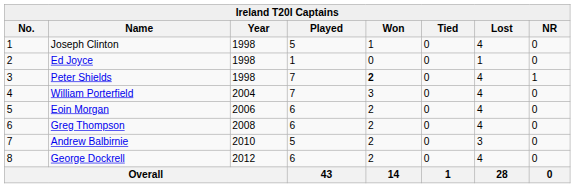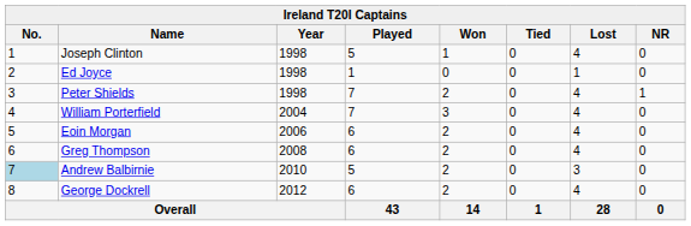 <table class="wikitable" style="width:70%;">
 <tr>
 <th style="background:#efefef;" colspan="9">Ireland T20I Captains</th>
 </tr>
 <tr style="background:#efefef;">
 <th>No.</th>
 <th>Name</th>
 <th>Year</th>
 <th>Played</th>
 <th>Won</th>
 <th>Tied</th>
 <th>Lost</th>
 <th>NR</th>
 </tr>
 <tr>
 <td>1</td>
 <td>Joseph Clinton</td>
 <td>1998</td>
 <td>5</td>
 <td>1</td>
 <td>0</td>
 <td>4</td>
 <td>0</td>
 </tr>
 <tr>
 <td>2</td>
 <td><a href='#'>Ed Joyce</a></td>
 <td>1998</td>
 <td>1</td>
 <td>0</td>
 <td>0</td>
 <td>1</td>
 <td>0</td>
 </tr>
 <tr>
 <td>3</td>
 <td><a href='#'>Peter Shields</a></td>
 <td>1998</td>
 <td>7</td>
-<td><strong>2</strong></td>
+<td>2</td>
 <td>0</td>
 <td>4</td>
 <td>1</td>
 </tr>
 <tr>
 <td>4</td>
 <td><a href='#'>William Porterfield</a></td>
 <td>2004</td>
 <td>7</td>
 <td>3</td>
 <td>0</td>
 <td>4</td>
 <td>0</td>
 </tr>
 <tr>
 <td>5</td>
 <td><a href='#'>Eoin Morgan</a></td>
 <td>2006</td>
 <td>6</td>
 <td>2</td>
 <td>0</td>
 <td>4</td>
 <td>0</td>
 </tr>
 <tr>
 <td>6</td>
 <td><a href='#'>Greg Thompson</a></td>
 <td>2008</td>
 <td>6</td>
 <td>2</td>
 <td>0</td>
 <td>4</td>
 <td>0</td>
 </tr>
 <tr>
-<td>7</td>
+<td style="background: lightblue;">7</td>
 <td><a href='#'>Andrew Balbirnie</a></td>
 <td>2010</td>
 <td>5</td>
 <td>2</td>
 <td>0</td>
 <td>3</td>
 <td>0</td>
 </tr>
 <tr>
 <td>8</td>
 <td><a href='#'>George Dockrell</a></td>
 <td>2012</td>
 <td>6</td>
 <td>2</td>
 <td>0</td>
 <td>4</td>
 <td>0</td>
 </tr>
 <tr>
 <th colspan=3><strong>Overall</strong></th>
 <th><strong>43</strong></th>
 <th><strong>14</strong></th>
 <th><strong>1</strong></th>
 <th><strong>28</strong></th>
 <th><strong>0</strong></th>
 </tr>
 </table>
